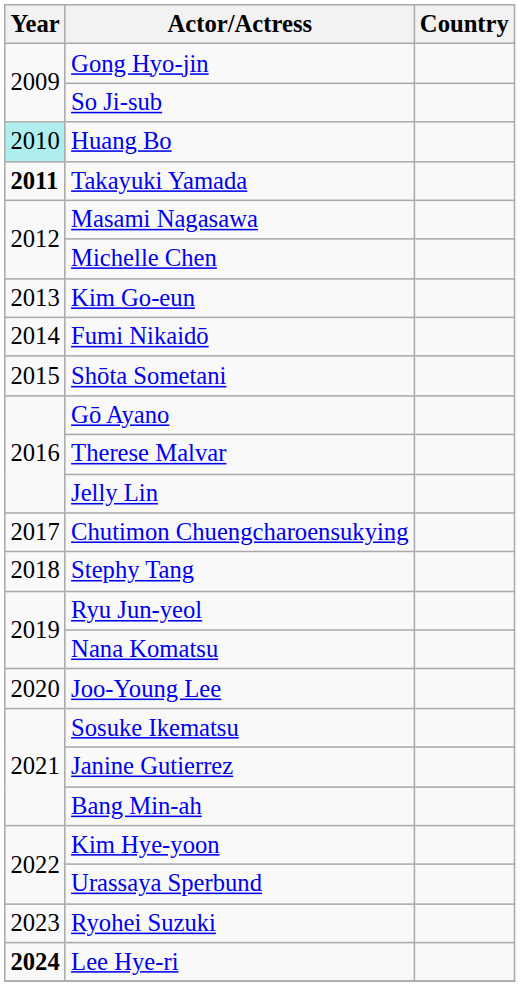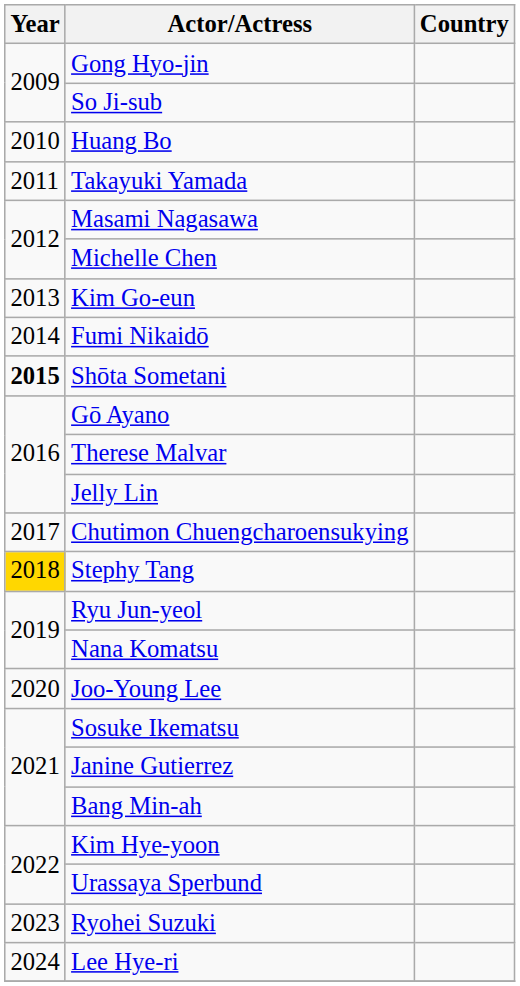 <table class="wikitable">
 <tr>
 <th>Year</th>
 <th>Actor/Actress</th>
 <th>Country</th>
 </tr>
 <tr>
 <td rowspan=2>2009</td>
 <td><a href='#'>Gong Hyo-jin</a></td>
 <td></td>
 </tr>
 <tr>
 <td><a href='#'>So Ji-sub</a></td>
 <td></td>
 </tr>
 <tr>
-<td style="background: paleturquoise;">2010</td>
+<td>2010</td>
 <td><a href='#'>Huang Bo</a></td>
 <td></td>
 </tr>
 <tr>
-<td><strong>2011</strong></td>
+<td>2011</td>
 <td><a href='#'>Takayuki Yamada</a></td>
 <td></td>
 </tr>
 <tr>
 <td rowspan=2>2012</td>
 <td><a href='#'>Masami Nagasawa</a></td>
 <td></td>
 </tr>
 <tr>
 <td><a href='#'>Michelle Chen</a></td>
 <td></td>
 </tr>
 <tr>
 <td>2013</td>
 <td><a href='#'>Kim Go-eun</a></td>
 <td></td>
 </tr>
 <tr>
 <td>2014</td>
 <td><a href='#'>Fumi Nikaidō</a></td>
 <td></td>
 </tr>
 <tr>
-<td>2015</td>
+<td><strong>2015</strong></td>
 <td><a href='#'>Shōta Sometani</a></td>
 <td></td>
 </tr>
 <tr>
 <td rowspan=3>2016</td>
 <td><a href='#'>Gō Ayano</a></td>
 <td></td>
 </tr>
 <tr>
 <td><a href='#'>Therese Malvar</a></td>
 <td></td>
 </tr>
 <tr>
 <td><a href='#'>Jelly Lin</a></td>
 <td></td>
 </tr>
 <tr>
 <td>2017</td>
 <td><a href='#'>Chutimon Chuengcharoensukying</a></td>
 <td></td>
 </tr>
 <tr>
-<td>2018</td>
+<td style="background: gold;">2018</td>
 <td><a href='#'>Stephy Tang</a></td>
 <td></td>
 </tr>
 <tr>
 <td rowspan=2>2019</td>
 <td><a href='#'>Ryu Jun-yeol</a></td>
 <td></td>
 </tr>
 <tr>
 <td><a href='#'>Nana Komatsu</a></td>
 <td></td>
 </tr>
 <tr>
 <td>2020</td>
 <td><a href='#'>Joo-Young Lee</a></td>
 <td></td>
 </tr>
 <tr>
 <td rowspan=3>2021</td>
 <td><a href='#'>Sosuke Ikematsu</a></td>
 <td></td>
 </tr>
 <tr>
 <td><a href='#'>Janine Gutierrez</a></td>
 <td></td>
 </tr>
 <tr>
 <td><a href='#'>Bang Min-ah</a></td>
 <td></td>
 </tr>
 <tr>
 <td rowspan=2>2022</td>
 <td><a href='#'>Kim Hye-yoon</a></td>
 <td></td>
 </tr>
 <tr>
 <td><a href='#'>Urassaya Sperbund</a></td>
 <td></td>
 </tr>
 <tr>
 <td>2023</td>
 <td><a href='#'>Ryohei Suzuki</a></td>
 <td></td>
 </tr>
 <tr>
-<td><strong>2024</strong></td>
+<td>2024</td>
 <td><a href='#'>Lee Hye-ri</a></td>
 <td></td>
 </tr>
 <tr>
 </tr>
 </table>
